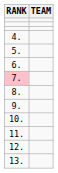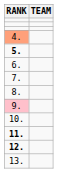 <table class="wikitable">
 <tr>
 <th>RANK</th>
 <th>TEAM</th>
 </tr>
 <tr>
 <td align="center"></td>
 <td></td>
 </tr>
 <tr>
 <td align="center"></td>
 <td></td>
 </tr>
 <tr>
 <td align="center"></td>
 <td></td>
 </tr>
 <tr>
-<td align="center">4.</td>
+<td align="center" style="background: lightsalmon;">4.</td>
 <td></td>
 </tr>
 <tr>
-<td align="center">5.</td>
+<td align="center"><strong>5.</strong></td>
 <td></td>
 </tr>
 <tr>
 <td align="center">6.</td>
 <td></td>
 </tr>
 <tr>
-<td align="center" style="background: pink;">7.</td>
+<td align="center">7.</td>
 <td></td>
 </tr>
 <tr>
 <td align="center">8.</td>
 <td></td>
 </tr>
 <tr>
-<td align="center">9.</td>
+<td align="center" style="background: pink;">9.</td>
 <td></td>
 </tr>
 <tr>
 <td align="center">10.</td>
 <td></td>
 </tr>
 <tr>
-<td align="center">11.</td>
+<td align="center"><strong>11.</strong></td>
 <td></td>
 </tr>
 <tr>
-<td align="center">12.</td>
+<td align="center"><strong>12.</strong></td>
 <td></td>
 </tr>
 <tr>
 <td align="center">13.</td>
 <td></td>
 </tr>
 </table>
